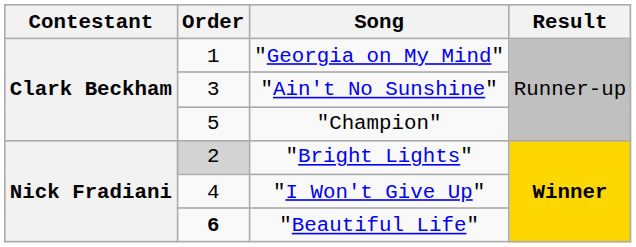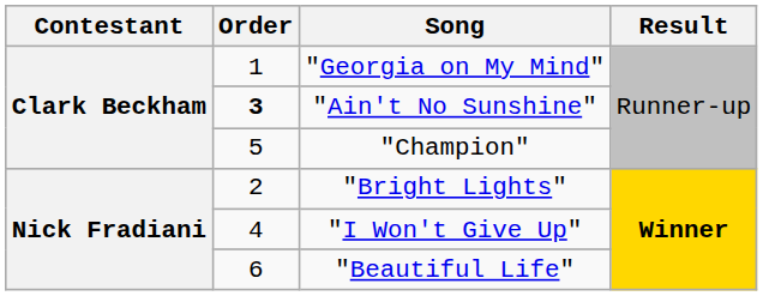 <table class="wikitable unsortable" style="text-align:center;">
 <tr>
 <th scope="col">Contestant</th>
 <th scope="col">Order</th>
 <th scope="col">Song</th>
 <th scope="col">Result</th>
 </tr>
 <tr>
 <th scope="row" rowspan="3">Clark Beckham</th>
 <td>1</td>
 <td>"<a href='#'>Georgia on My Mind</a>"</td>
 <td rowspan="3" bgcolor="silver">Runner-up</td>
 </tr>
 <tr>
-<td>3</td>
+<td><strong>3</strong></td>
 <td>"<a href='#'>Ain't No Sunshine</a>"</td>
 </tr>
 <tr>
 <td>5</td>
 <td>"Champion"</td>
 </tr>
 <tr>
 <th scope="row" rowspan="3">Nick Fradiani</th>
-<td style="background: lightgrey;">2</td>
+<td>2</td>
 <td>"<a href='#'>Bright Lights</a>"</td>
 <td rowspan="3" bgcolor="gold"><strong>Winner</strong></td>
 </tr>
 <tr>
 <td>4</td>
 <td>"<a href='#'>I Won't Give Up</a>"</td>
 </tr>
 <tr>
-<td><strong>6</strong></td>
+<td>6</td>
 <td>"<a href='#'>Beautiful Life</a>"</td>
 </tr>
 </table>
